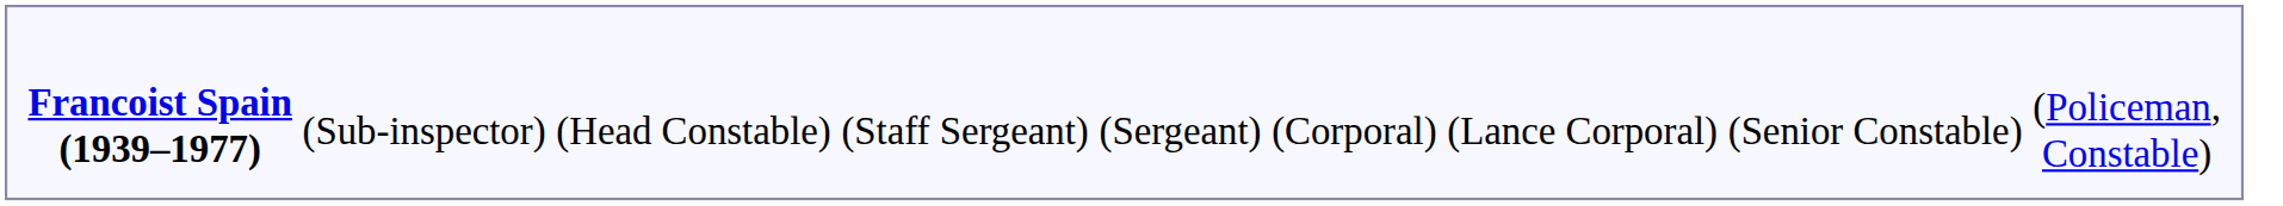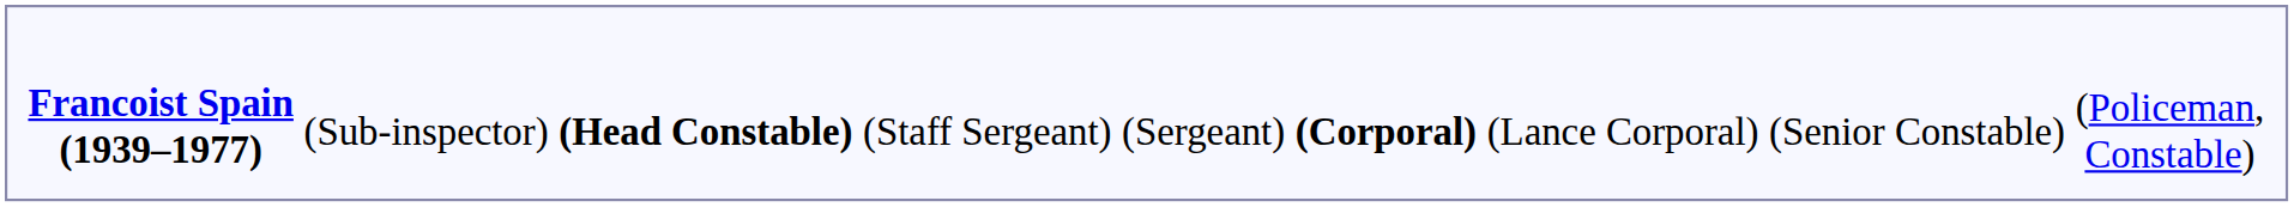 <table style="border:1px solid #8888aa; background-color:#f7f8ff; padding:5px; font-size:95%; margin: 0px 12px 12px 0px;">
 <tr>
 <td align="center" rowspan=2><strong> <br><a href='#'>Francoist Spain</a></strong><br><strong>(1939–1977)</strong></td>
 <td align="center" colspan=1></td>
 <td align="center" colspan=1></td>
 <td align="center" colspan=1></td>
 <td align="center" colspan=1></td>
 <td align="center" colspan=1></td>
 <td align="center" colspan=1></td>
 <td align="center" colspan=1></td>
 <td align="center" colspan=1></td>
 </tr>
 <tr rowspan="2">
 <td align="center" colspan=1><br> (Sub-inspector)</td>
-<td align="center" colspan=1><br> (Head Constable)</td>
+<td align="center" colspan=1><strong><br> (Head Constable)</strong></td>
 <td align="center" colspan=1><br> (Staff Sergeant)</td>
 <td align="center" colspan=1><br> (Sergeant)</td>
-<td align="center" colspan=1><br> (Corporal)</td>
+<td align="center" colspan=1><strong><br> (Corporal)</strong></td>
 <td align="center" colspan=1><br> (Lance Corporal)</td>
 <td align="center" colspan=1><br> (Senior Constable)</td>
 <td align="center" colspan=1><br>(<a href='#'>Policeman</a>,<br> <a href='#'>Constable</a>)</td>
 </tr>
 </table>
